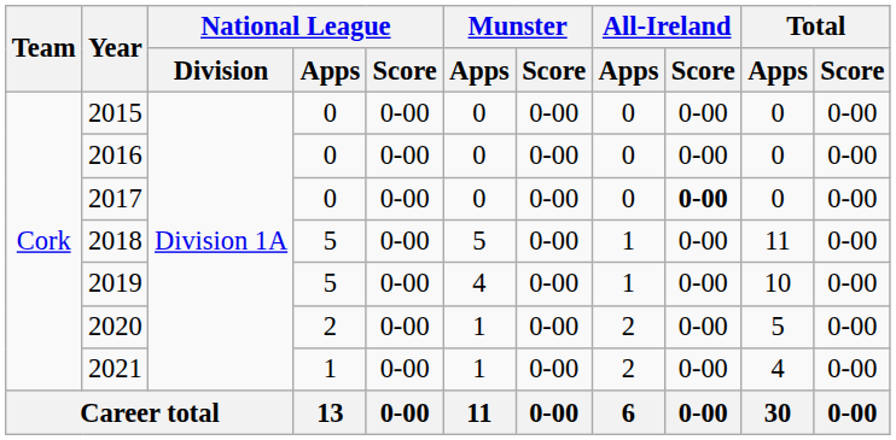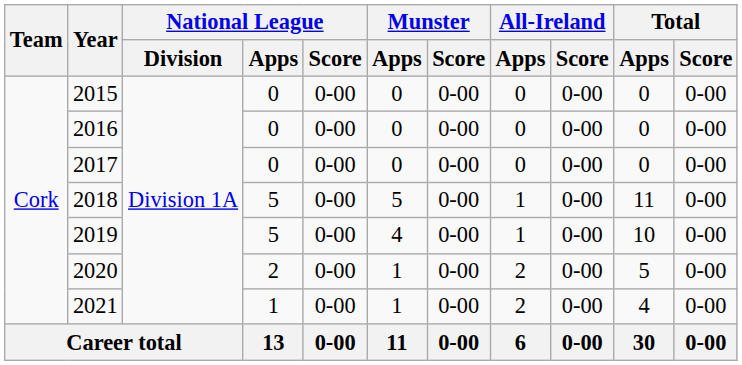 <table class="wikitable" style="text-align:center">
 <tr>
 <th rowspan="2">Team</th>
 <th rowspan="2">Year</th>
 <th colspan="3"><a href='#'>National League</a></th>
 <th colspan="2"><a href='#'>Munster</a></th>
 <th colspan="2"><a href='#'>All-Ireland</a></th>
 <th colspan="2">Total</th>
 </tr>
 <tr>
 <th>Division</th>
 <th>Apps</th>
 <th>Score</th>
 <th>Apps</th>
 <th>Score</th>
 <th>Apps</th>
 <th>Score</th>
 <th>Apps</th>
 <th>Score</th>
 </tr>
 <tr>
 <td rowspan="7"><a href='#'>Cork</a></td>
 <td>2015</td>
 <td rowspan="7"><a href='#'>Division 1A</a></td>
 <td>0</td>
 <td>0-00</td>
 <td>0</td>
 <td>0-00</td>
 <td>0</td>
 <td>0-00</td>
 <td>0</td>
 <td>0-00</td>
 </tr>
 <tr>
 <td>2016</td>
 <td>0</td>
 <td>0-00</td>
 <td>0</td>
 <td>0-00</td>
 <td>0</td>
 <td>0-00</td>
 <td>0</td>
 <td>0-00</td>
 </tr>
 <tr>
 <td>2017</td>
 <td>0</td>
 <td>0-00</td>
 <td>0</td>
 <td>0-00</td>
 <td>0</td>
-<td><strong>0-00</strong></td>
+<td>0-00</td>
 <td>0</td>
 <td>0-00</td>
 </tr>
 <tr>
 <td>2018</td>
 <td>5</td>
 <td>0-00</td>
 <td>5</td>
 <td>0-00</td>
 <td>1</td>
 <td>0-00</td>
 <td>11</td>
 <td>0-00</td>
 </tr>
 <tr>
 <td>2019</td>
 <td>5</td>
 <td>0-00</td>
 <td>4</td>
 <td>0-00</td>
 <td>1</td>
 <td>0-00</td>
 <td>10</td>
 <td>0-00</td>
 </tr>
 <tr>
 <td>2020</td>
 <td>2</td>
 <td>0-00</td>
 <td>1</td>
 <td>0-00</td>
 <td>2</td>
 <td>0-00</td>
 <td>5</td>
 <td>0-00</td>
 </tr>
 <tr>
 <td>2021</td>
 <td>1</td>
 <td>0-00</td>
 <td>1</td>
 <td>0-00</td>
 <td>2</td>
 <td>0-00</td>
 <td>4</td>
 <td>0-00</td>
 </tr>
 <tr>
 <th colspan="3">Career total</th>
 <th>13</th>
 <th>0-00</th>
 <th>11</th>
 <th>0-00</th>
 <th>6</th>
 <th>0-00</th>
 <th>30</th>
 <th>0-00</th>
 </tr>
 </table>
